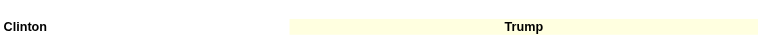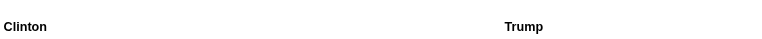 <table style="width:100%; text-align:center">
 <tr style="color:white">
 <td style="background:"><strong>232</strong></td>
 <td style="background:"><strong>306</strong></td>
 </tr>
 <tr>
 <td style="color:"><strong>Clinton</strong></td>
-<td style="background: lightyellow; color:"><strong>Trump</strong></td>
+<td style="color:"><strong>Trump</strong></td>
 </tr>
 </table>
